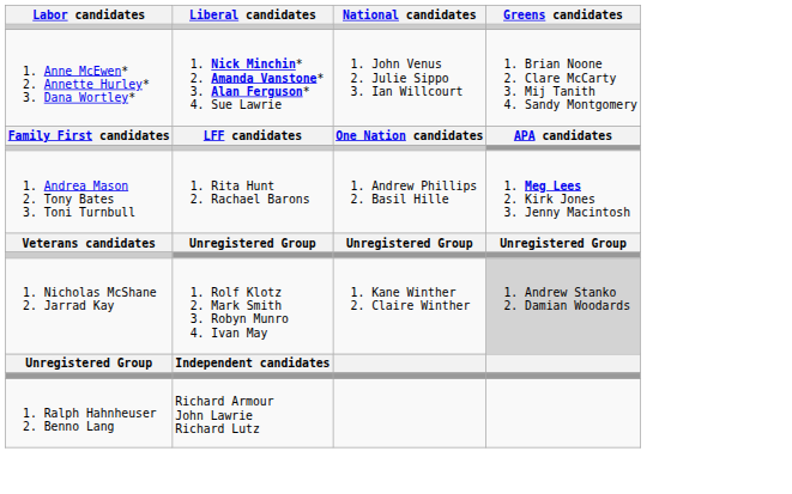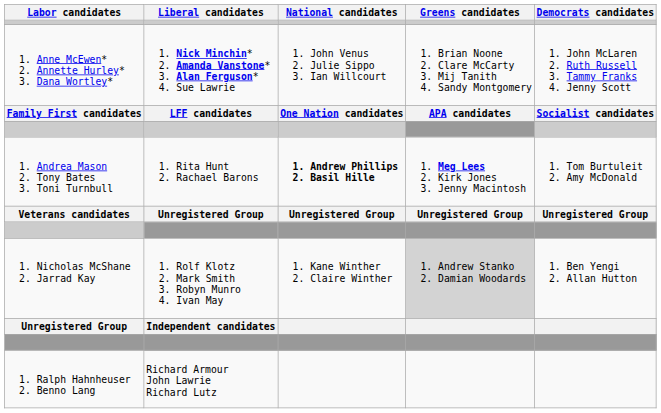 <table class="wikitable">
 <tr>
 <th><a href='#'>Labor</a> candidates</th>
 <th><a href='#'>Liberal</a> candidates</th>
 <th><a href='#'>National</a> candidates</th>
 <th><a href='#'>Greens</a> candidates</th>
+<th><a href='#'>Democrats</a> candidates</th>
 </tr>
 <tr style="background:#ccc;">
+<td></td>
 <td></td>
 <td></td>
 <td></td>
 <td></td>
 </tr>
 <tr>
 <td><br><ol><li><a href='#'>Anne McEwen</a>*</li><li><a href='#'>Annette Hurley</a>*</li><li><a href='#'>Dana Wortley</a>*</li></ol></td>
 <td><br><ol><li><strong><a href='#'>Nick Minchin</a></strong>*</li><li><strong><a href='#'>Amanda Vanstone</a></strong>*</li><li><strong><a href='#'>Alan Ferguson</a></strong>*</li><li>Sue Lawrie</li></ol></td>
 <td valign=top><br><ol><li>John Venus</li><li>Julie Sippo</li><li>Ian Willcourt</li></ol></td>
 <td valign=top><br><ol><li>Brian Noone</li><li>Clare McCarty</li><li>Mij Tanith</li><li>Sandy Montgomery</li></ol></td>
+<td valign=top><br><ol><li>John McLaren</li><li><a href='#'>Ruth Russell</a></li><li><a href='#'>Tammy Franks</a></li><li>Jenny Scott</li></ol></td>
 </tr>
 <tr style="background:#ccc;">
 <th><a href='#'>Family First</a> candidates</th>
 <th><a href='#'>LFF</a> candidates</th>
 <th><a href='#'>One Nation</a> candidates</th>
 <th><a href='#'>APA</a> candidates</th>
+<th><a href='#'>Socialist</a> candidates</th>
 </tr>
 <tr style="background:#ccc;">
 <td></td>
 <td></td>
 <td></td>
 <td style="background:#999;"></td>
+<td> </td>
 </tr>
 <tr>
 <td valign=top><br><ol><li><a href='#'>Andrea Mason</a></li><li>Tony Bates</li><li>Toni Turnbull</li></ol></td>
 <td valign=top><br><ol><li>Rita Hunt</li><li>Rachael Barons</li></ol></td>
-<td valign=top><br><ol><li>Andrew Phillips</li><li>Basil Hille</li></ol></td>
+<td valign=top><strong><br><ol><li>Andrew Phillips</li><li>Basil Hille</li></ol></strong></td>
 <td valign=top><br><ol><li><strong><a href='#'>Meg Lees</a></strong></li><li>Kirk Jones</li><li>Jenny Macintosh</li></ol></td>
+<td valign=top><br><ol><li>Tom Burtuleit</li><li>Amy McDonald</li></ol></td>
 </tr>
 <tr style="background:#ccc;">
 <th>Veterans candidates</th>
+<th>Unregistered Group</th>
 <th>Unregistered Group</th>
 <th>Unregistered Group</th>
 <th>Unregistered Group</th>
 </tr>
 <tr style="background:#ccc;">
 <td></td>
 <td style="background:#999;"></td>
 <td style="background:#999;"></td>
 <td style="background:#999;"></td>
+<td style="background:#999;"> </td>
 </tr>
 <tr>
 <td valign=top><br><ol><li>Nicholas McShane</li><li>Jarrad Kay</li></ol></td>
 <td valign=top><br><ol><li>Rolf Klotz</li><li>Mark Smith</li><li>Robyn Munro</li><li>Ivan May</li></ol></td>
 <td valign=top><br><ol><li>Kane Winther</li><li>Claire Winther</li></ol></td>
 <td valign=top style="background: lightgrey;"><br><ol><li>Andrew Stanko</li><li>Damian Woodards</li></ol></td>
+<td valign=top><br><ol><li>Ben Yengi</li><li>Allan Hutton</li></ol></td>
 </tr>
 <tr style="background:#ccc;">
 <th>Unregistered Group</th>
 <th>Independent candidates</th>
+<th></th>
 <th></th>
 <th></th>
 </tr>
 <tr style="background:#ccc; background:#999;">
 <td></td>
 <td style="background:#999;"></td>
 <td style="background:#999;"></td>
 <td style="background:#999;"></td>
+<td style="background:#999;"> </td>
 </tr>
 <tr>
 <td valign=top><br><ol><li>Ralph Hahnheuser</li><li>Benno Lang</li></ol></td>
 <td valign=top><br>Richard Armour<br> John Lawrie<br> Richard Lutz<br></td>
 <td valign=top></td>
 <td valign=top></td>
+<td valign=top></td>
 </tr>
 </table>
